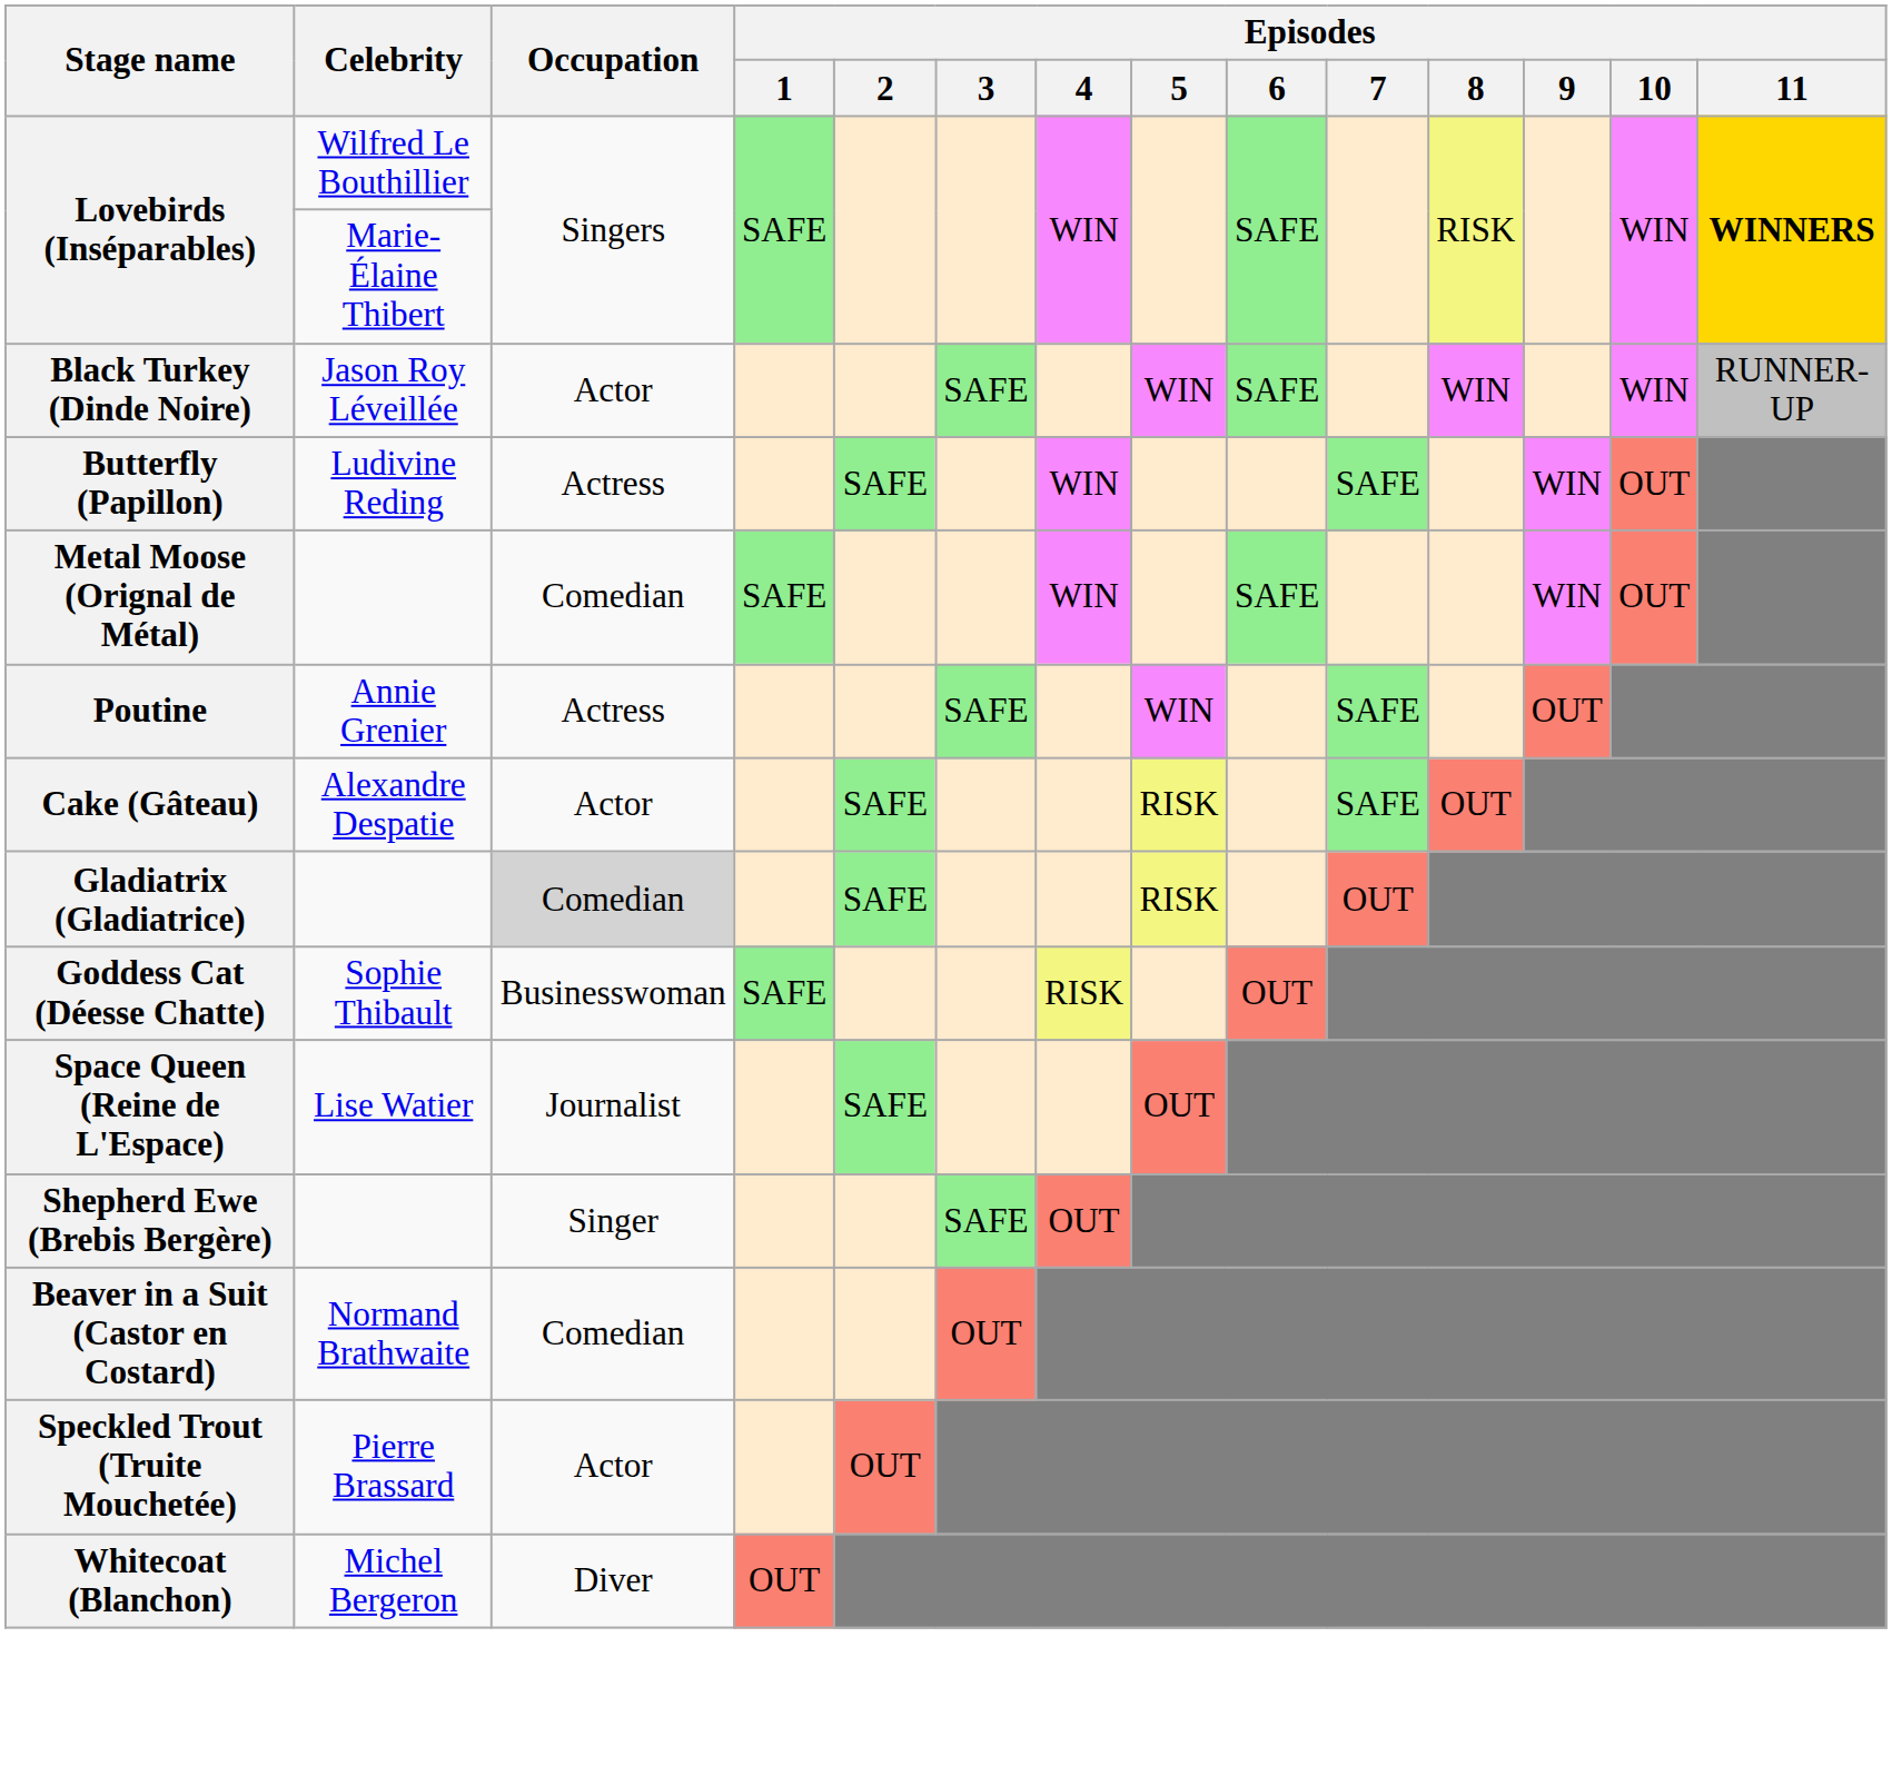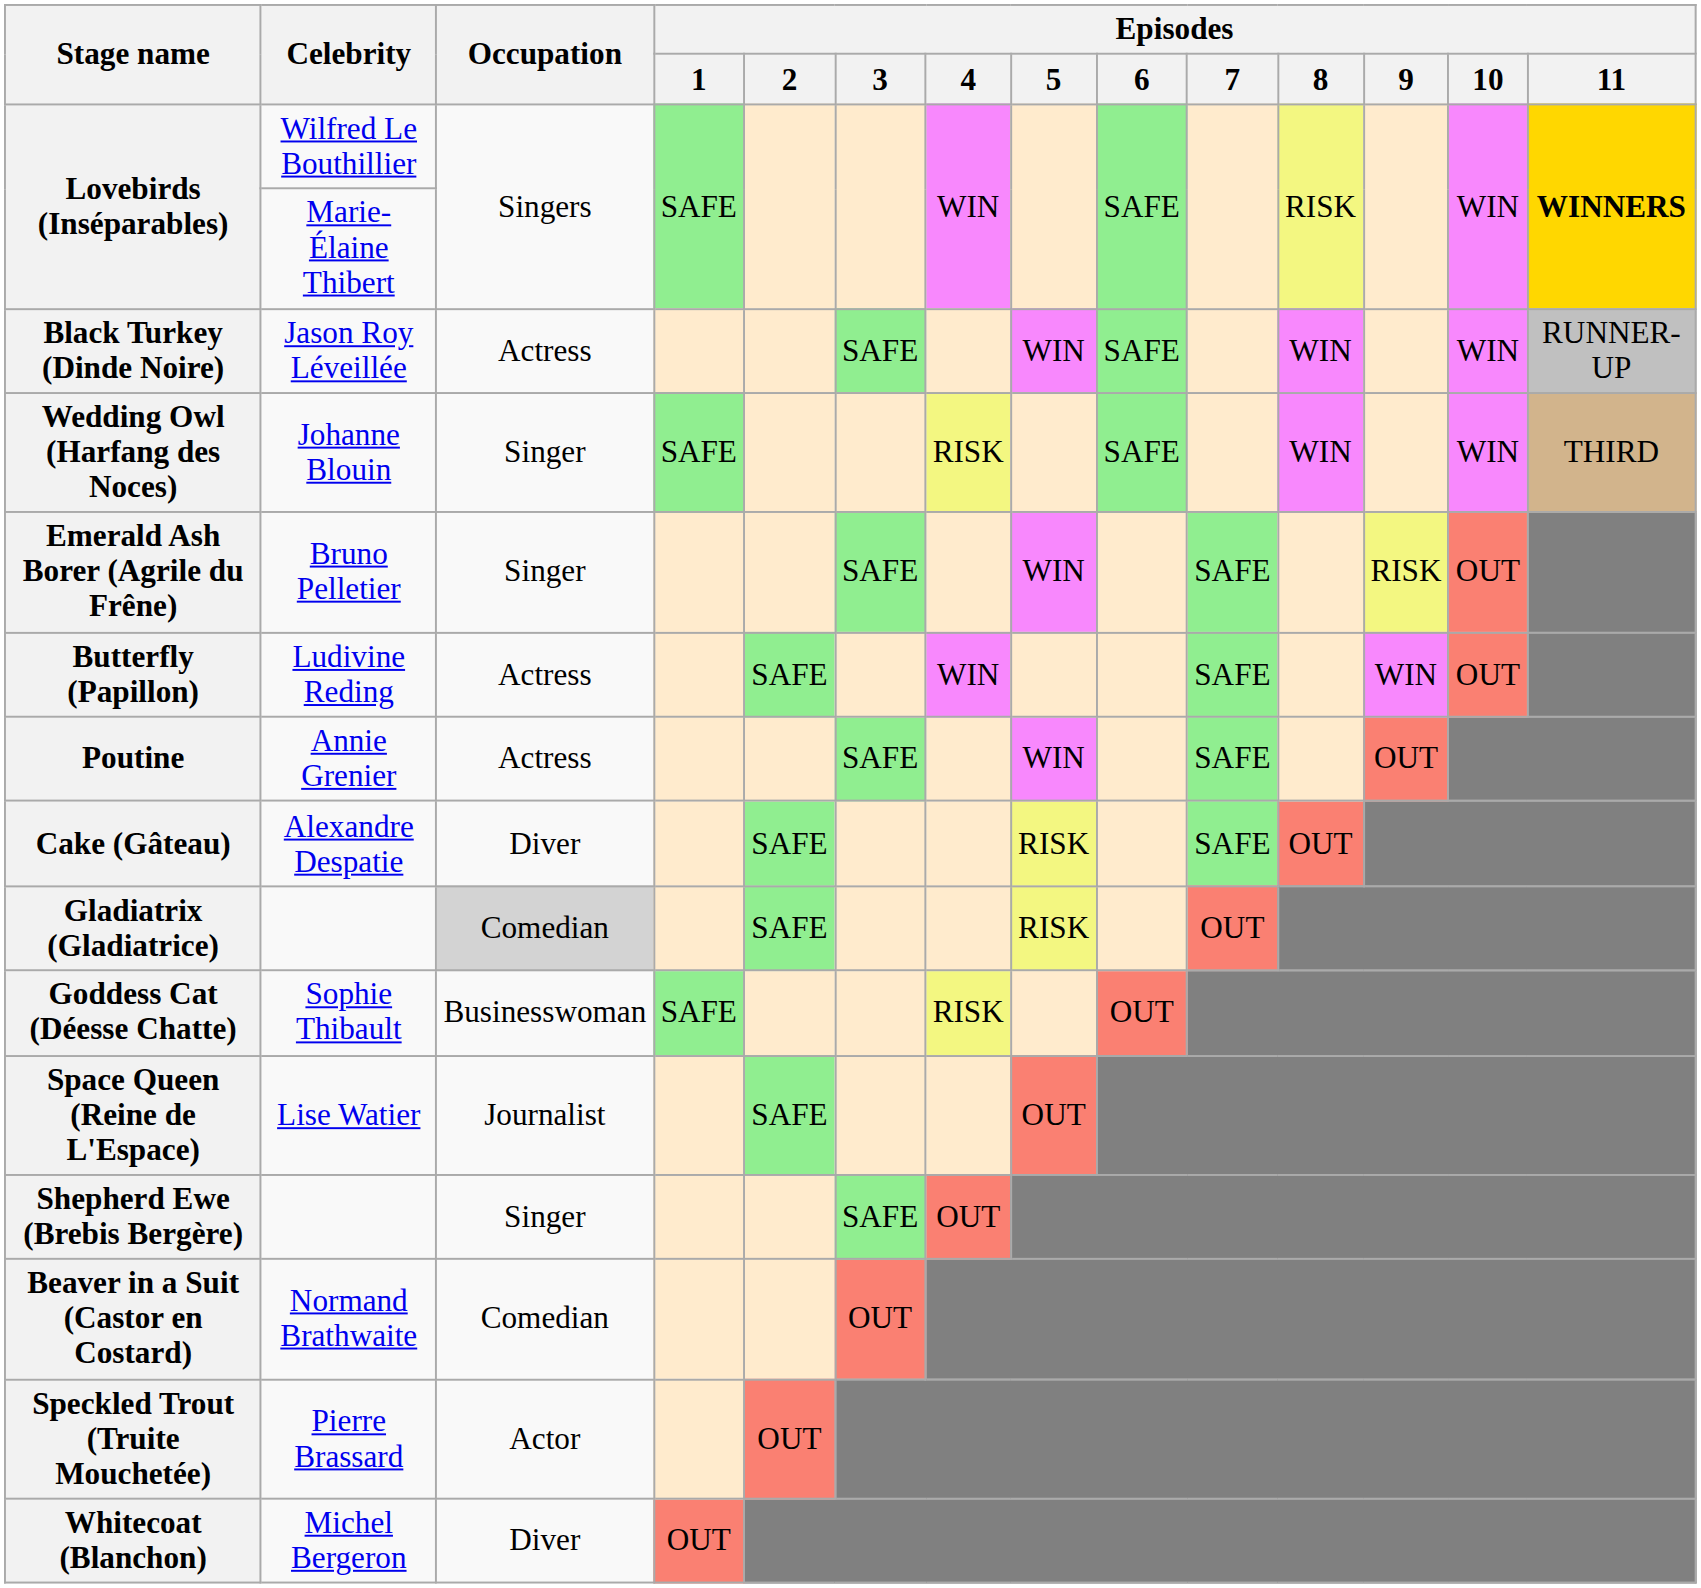 <table class="wikitable" style="text-align:center; ">
 <tr>
 <th rowspan=2>Stage name</th>
 <th rowspan=2>Celebrity</th>
 <th rowspan=2>Occupation</th>
 <th colspan="11">Episodes</th>
 </tr>
 <tr>
 <th rowspan="1">1</th>
 <th rowspan="1">2</th>
 <th rowspan="1">3</th>
 <th rowspan="1">4</th>
 <th rowspan="1">5</th>
 <th rowspan="1">6</th>
 <th rowspan="1">7</th>
 <th rowspan="1">8</th>
 <th rowspan="1">9</th>
 <th rowspan="1">10</th>
 <th rowspan="1">11</th>
 </tr>
 <tr>
 <th rowspan="2">Lovebirds (Inséparables)</th>
 <td><a href='#'>Wilfred Le Bouthillier</a></td>
 <td rowspan="2">Singers</td>
 <td rowspan="2" bgcolor="lightgreen">SAFE</td>
 <td rowspan="2" bgcolor="#FFEBCD"></td>
 <td rowspan="2" bgcolor="#FFEBCD"></td>
 <td rowspan="2" bgcolor="F888FD">WIN</td>
 <td rowspan="2" bgcolor="#FFEBCD"></td>
 <td rowspan="2" bgcolor="lightgreen">SAFE</td>
 <td rowspan="2" bgcolor="#FFEBCD"></td>
 <td rowspan="2" bgcolor="F3F781">RISK</td>
 <td rowspan="2" bgcolor="#FFEBCD"></td>
 <td rowspan="2" bgcolor="F888FD">WIN</td>
 <td rowspan="2" bgcolor=gold><strong>WINNERS</strong></td>
 </tr>
 <tr>
 <td><a href='#'>Marie-Élaine Thibert</a></td>
 </tr>
 <tr>
 <th>Black Turkey (Dinde Noire)</th>
 <td><a href='#'>Jason Roy Léveillée</a></td>
-<td>Actor</td>
+<td>Actress</td>
 <td bgcolor="#FFEBCD"></td>
 <td bgcolor="#FFEBCD"></td>
 <td bgcolor="lightgreen">SAFE</td>
 <td bgcolor="#FFEBCD"></td>
 <td bgcolor="F888FD">WIN</td>
 <td bgcolor="lightgreen">SAFE</td>
 <td bgcolor="#FFEBCD"></td>
 <td bgcolor="F888FD">WIN</td>
 <td bgcolor="#FFEBCD"></td>
 <td bgcolor="F888FD">WIN</td>
 <td bgcolor=silver>RUNNER-UP</td>
 </tr>
 <tr>
+<th>Wedding Owl (Harfang des Noces)</th>
+<td><a href='#'>Johanne Blouin</a></td>
+<td>Singer</td>
+<td bgcolor="lightgreen">SAFE</td>
+<td bgcolor="#FFEBCD"></td>
+<td bgcolor="#FFEBCD"></td>
+<td bgcolor="F3F781">RISK</td>
+<td bgcolor="#FFEBCD"></td>
+<td bgcolor="lightgreen">SAFE</td>
+<td bgcolor="#FFEBCD"></td>
+<td bgcolor="F888FD">WIN</td>
+<td bgcolor="#FFEBCD"></td>
+<td bgcolor="F888FD">WIN</td>
+<td bgcolor=tan>THIRD</td>
+</tr>
+<tr>
+<th>Emerald Ash Borer (Agrile du Frêne)</th>
+<td><a href='#'>Bruno Pelletier</a></td>
+<td>Singer</td>
+<td bgcolor="#FFEBCD"></td>
+<td bgcolor="#FFEBCD"></td>
+<td bgcolor="lightgreen">SAFE</td>
+<td bgcolor="#FFEBCD"></td>
+<td bgcolor="F888FD">WIN</td>
+<td bgcolor="#FFEBCD"></td>
+<td bgcolor="lightgreen">SAFE</td>
+<td bgcolor="#FFEBCD"></td>
+<td bgcolor="F3F781">RISK</td>
+<td bgcolor=salmon>OUT</td>
+<td bgcolor=grey colspan="1"></td>
+</tr>
+<tr>
 <th>Butterfly (Papillon)</th>
 <td><a href='#'>Ludivine Reding</a></td>
 <td>Actress</td>
 <td bgcolor="#FFEBCD"></td>
 <td bgcolor="lightgreen">SAFE</td>
 <td bgcolor="#FFEBCD"></td>
 <td bgcolor="F888FD">WIN</td>
 <td bgcolor="#FFEBCD"></td>
 <td bgcolor="#FFEBCD"></td>
 <td bgcolor="lightgreen">SAFE</td>
-<td bgcolor="#FFEBCD"></td>
-<td bgcolor="F888FD">WIN</td>
-<td bgcolor=salmon>OUT</td>
-<td bgcolor=grey colspan="1"></td>
-</tr>
-<tr>
-<th>Metal Moose (Orignal de Métal)</th>
-<td></td>
-<td>Comedian</td>
-<td bgcolor="lightgreen">SAFE</td>
-<td bgcolor="#FFEBCD"></td>
-<td bgcolor="#FFEBCD"></td>
-<td bgcolor="F888FD">WIN</td>
-<td bgcolor="#FFEBCD"></td>
-<td bgcolor="lightgreen">SAFE</td>
-<td bgcolor="#FFEBCD"></td>
 <td bgcolor="#FFEBCD"></td>
 <td bgcolor="F888FD">WIN</td>
 <td bgcolor=salmon>OUT</td>
 <td bgcolor=grey colspan="1"></td>
 </tr>
 <tr>
 <th>Poutine</th>
 <td><a href='#'>Annie Grenier</a></td>
 <td>Actress</td>
 <td bgcolor="#FFEBCD"></td>
 <td bgcolor="#FFEBCD"></td>
 <td bgcolor="lightgreen">SAFE</td>
 <td bgcolor="#FFEBCD"></td>
 <td bgcolor="F888FD">WIN</td>
 <td bgcolor="#FFEBCD"></td>
 <td bgcolor="lightgreen">SAFE</td>
 <td bgcolor="#FFEBCD"></td>
 <td bgcolor=salmon>OUT</td>
 <td bgcolor=grey colspan="2"></td>
 </tr>
 <tr>
 <th>Cake (Gâteau)</th>
 <td><a href='#'>Alexandre Despatie</a></td>
-<td>Actor</td>
+<td>Diver</td>
 <td bgcolor="#FFEBCD"></td>
 <td bgcolor="lightgreen">SAFE</td>
 <td bgcolor="#FFEBCD"></td>
 <td bgcolor="#FFEBCD"></td>
 <td bgcolor="F3F781">RISK</td>
 <td bgcolor="#FFEBCD"></td>
 <td bgcolor="lightgreen">SAFE</td>
 <td bgcolor=salmon>OUT</td>
 <td bgcolor=grey colspan="3"></td>
 </tr>
 <tr>
 <th>Gladiatrix (Gladiatrice)</th>
 <td></td>
 <td style="background: lightgrey;">Comedian</td>
 <td bgcolor="#FFEBCD"></td>
 <td bgcolor="lightgreen">SAFE</td>
 <td bgcolor="#FFEBCD"></td>
 <td bgcolor="#FFEBCD"></td>
 <td bgcolor="F3F781">RISK</td>
 <td bgcolor="#FFEBCD"></td>
 <td bgcolor=salmon>OUT</td>
 <td bgcolor=grey colspan="4"></td>
 </tr>
 <tr>
 <th>Goddess Cat (Déesse Chatte)</th>
 <td><a href='#'>Sophie Thibault</a></td>
 <td>Businesswoman</td>
 <td bgcolor="lightgreen">SAFE</td>
 <td bgcolor="#FFEBCD"></td>
 <td bgcolor="#FFEBCD"></td>
 <td bgcolor="F3F781">RISK</td>
 <td bgcolor="#FFEBCD"></td>
 <td bgcolor=salmon>OUT</td>
 <td bgcolor=grey colspan="5"></td>
 </tr>
 <tr>
 <th>Space Queen (Reine de L'Espace)</th>
 <td><a href='#'>Lise Watier</a></td>
 <td>Journalist</td>
 <td bgcolor="#FFEBCD"></td>
 <td bgcolor="lightgreen">SAFE</td>
 <td bgcolor="#FFEBCD"></td>
 <td bgcolor="#FFEBCD"></td>
 <td bgcolor=salmon>OUT</td>
 <td bgcolor=grey colspan="6"></td>
 </tr>
 <tr>
 <th>Shepherd Ewe (Brebis Bergère)</th>
 <td></td>
 <td>Singer</td>
 <td bgcolor="#FFEBCD"></td>
 <td bgcolor="#FFEBCD"></td>
 <td bgcolor="lightgreen">SAFE</td>
 <td bgcolor=salmon>OUT</td>
 <td bgcolor=grey colspan="7"></td>
 </tr>
 <tr>
 <th>Beaver in a Suit (Castor en Costard)</th>
 <td><a href='#'>Normand Brathwaite</a></td>
 <td>Comedian</td>
 <td bgcolor="#FFEBCD"></td>
 <td bgcolor="#FFEBCD"></td>
 <td bgcolor=salmon>OUT</td>
 <td bgcolor=grey colspan="8"></td>
 </tr>
 <tr>
 <th>Speckled Trout (Truite Mouchetée)</th>
 <td><a href='#'>Pierre Brassard</a></td>
 <td>Actor</td>
 <td bgcolor="#FFEBCD"></td>
 <td bgcolor=salmon>OUT</td>
 <td bgcolor=grey colspan="9"></td>
 </tr>
 <tr>
 <th>Whitecoat (Blanchon)</th>
 <td><a href='#'>Michel Bergeron</a></td>
 <td>Diver</td>
 <td bgcolor=salmon>OUT</td>
 <td bgcolor=grey colspan="10"></td>
 </tr>
 </table>
